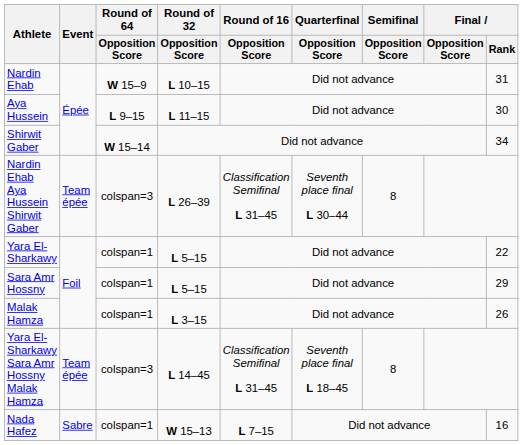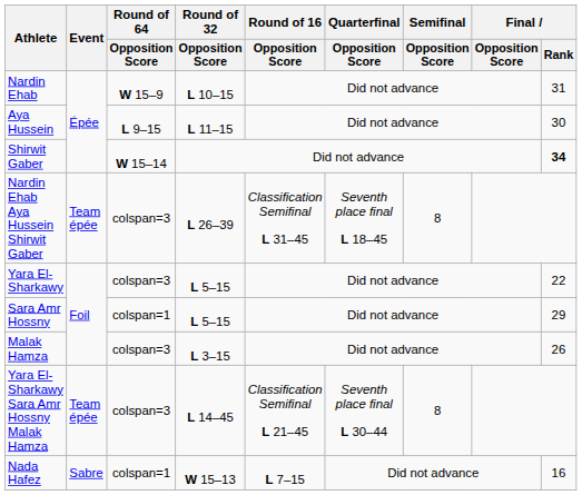 <table class="wikitable" style="font-size:90%">
 <tr>
 <th rowspan="2">Athlete</th>
 <th rowspan="2">Event</th>
 <th>Round of 64</th>
 <th>Round of 32</th>
 <th>Round of 16</th>
 <th>Quarterfinal</th>
 <th>Semifinal</th>
 <th colspan="2">Final / </th>
 </tr>
 <tr style="font-size:95%">
 <th>Opposition <br> Score</th>
 <th>Opposition <br> Score</th>
 <th>Opposition <br> Score</th>
 <th>Opposition <br> Score</th>
 <th>Opposition <br> Score</th>
 <th>Opposition <br> Score</th>
 <th>Rank</th>
 </tr>
 <tr align="center">
 <td align="left"><a href='#'>Nardin Ehab</a></td>
 <td rowspan="3" align="left"><a href='#'>Épée</a></td>
 <td><br> <strong>W</strong> 15–9</td>
 <td><br> <strong>L</strong> 10–15</td>
 <td colspan="4">Did not advance</td>
 <td>31</td>
 </tr>
 <tr align="center">
 <td align="left"><a href='#'>Aya Hussein</a></td>
 <td><br> <strong>L</strong> 9–15</td>
 <td><br> <strong>L</strong> 11–15</td>
 <td colspan="4">Did not advance</td>
 <td>30</td>
 </tr>
 <tr align="center">
 <td align="left"><a href='#'>Shirwit Gaber</a></td>
 <td><br><strong>W</strong> 15–14</td>
 <td colspan="5">Did not advance</td>
-<td>34</td>
+<td><strong>34</strong></td>
 </tr>
 <tr align="center">
 <td align="left"><a href='#'>Nardin Ehab</a><br><a href='#'>Aya Hussein</a><br><a href='#'>Shirwit Gaber</a></td>
 <td align="left"><a href='#'>Team épée</a></td>
 <td>colspan=3 </td>
 <td><br> <strong>L</strong> 26–39</td>
 <td><em>Classification Semifinal</em><br><br> <strong>L</strong> 31–45</td>
-<td><em>Seventh place final</em><br><br> <strong>L</strong> 30–44</td>
+<td><em>Seventh place final</em><br><em></em><br> <strong>L</strong> 18–45</td>
 <td>8</td>
 </tr>
 <tr align="center">
 <td align="left"><a href='#'>Yara El-Sharkawy</a></td>
 <td rowspan="3" align="left"><a href='#'>Foil</a></td>
-<td>colspan=1 </td>
+<td>colspan=3 </td>
 <td><br> <strong>L</strong> 5–15</td>
 <td colspan="4">Did not advance</td>
 <td>22</td>
 </tr>
 <tr align="center">
 <td align="left"><a href='#'>Sara Amr Hossny</a></td>
 <td>colspan=1 </td>
 <td><br> <strong>L</strong> 5–15</td>
 <td colspan="4">Did not advance</td>
 <td>29</td>
 </tr>
 <tr align="center">
 <td align="left"><a href='#'>Malak Hamza</a></td>
-<td>colspan=1 </td>
+<td>colspan=3 </td>
 <td><br> <strong>L</strong> 3–15</td>
 <td colspan="4">Did not advance</td>
 <td>26</td>
 </tr>
 <tr align="center">
 <td align="left"><a href='#'>Yara El-Sharkawy</a><br><a href='#'>Sara Amr Hossny</a><br><a href='#'>Malak Hamza</a></td>
 <td align="left"><a href='#'>Team épée</a></td>
 <td>colspan=3 </td>
 <td><br> <strong>L</strong> 14–45</td>
-<td><em>Classification Semifinal</em><br><br> <strong>L</strong> 31–45</td>
-<td><em>Seventh place final</em><br><em></em><br> <strong>L</strong> 18–45</td>
+<td><em>Classification Semifinal</em><br><em></em><br> <strong>L</strong> 21–45</td>
+<td><em>Seventh place final</em><br><br> <strong>L</strong> 30–44</td>
 <td>8</td>
 </tr>
 <tr align="center">
 <td align="left"><a href='#'>Nada Hafez</a></td>
 <td align="left"><a href='#'>Sabre</a></td>
 <td>colspan=1 </td>
 <td><br> <strong>W</strong> 15–13</td>
 <td><br> <strong>L</strong> 7–15</td>
 <td colspan="3">Did not advance</td>
 <td>16</td>
 </tr>
 </table>
